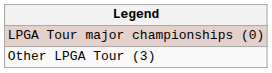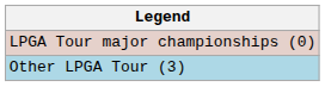 <table class="wikitable" style="font-size:95%;">
 <tr>
 <th>Legend</th>
 </tr>
 <tr style="background:#e5d1cb;">
 <td>LPGA Tour major championships (0)</td>
 </tr>
 <tr>
-<td>Other LPGA Tour (3)</td>
+<td style="background: lightblue;">Other LPGA Tour (3)</td>
 </tr>
 </table>
